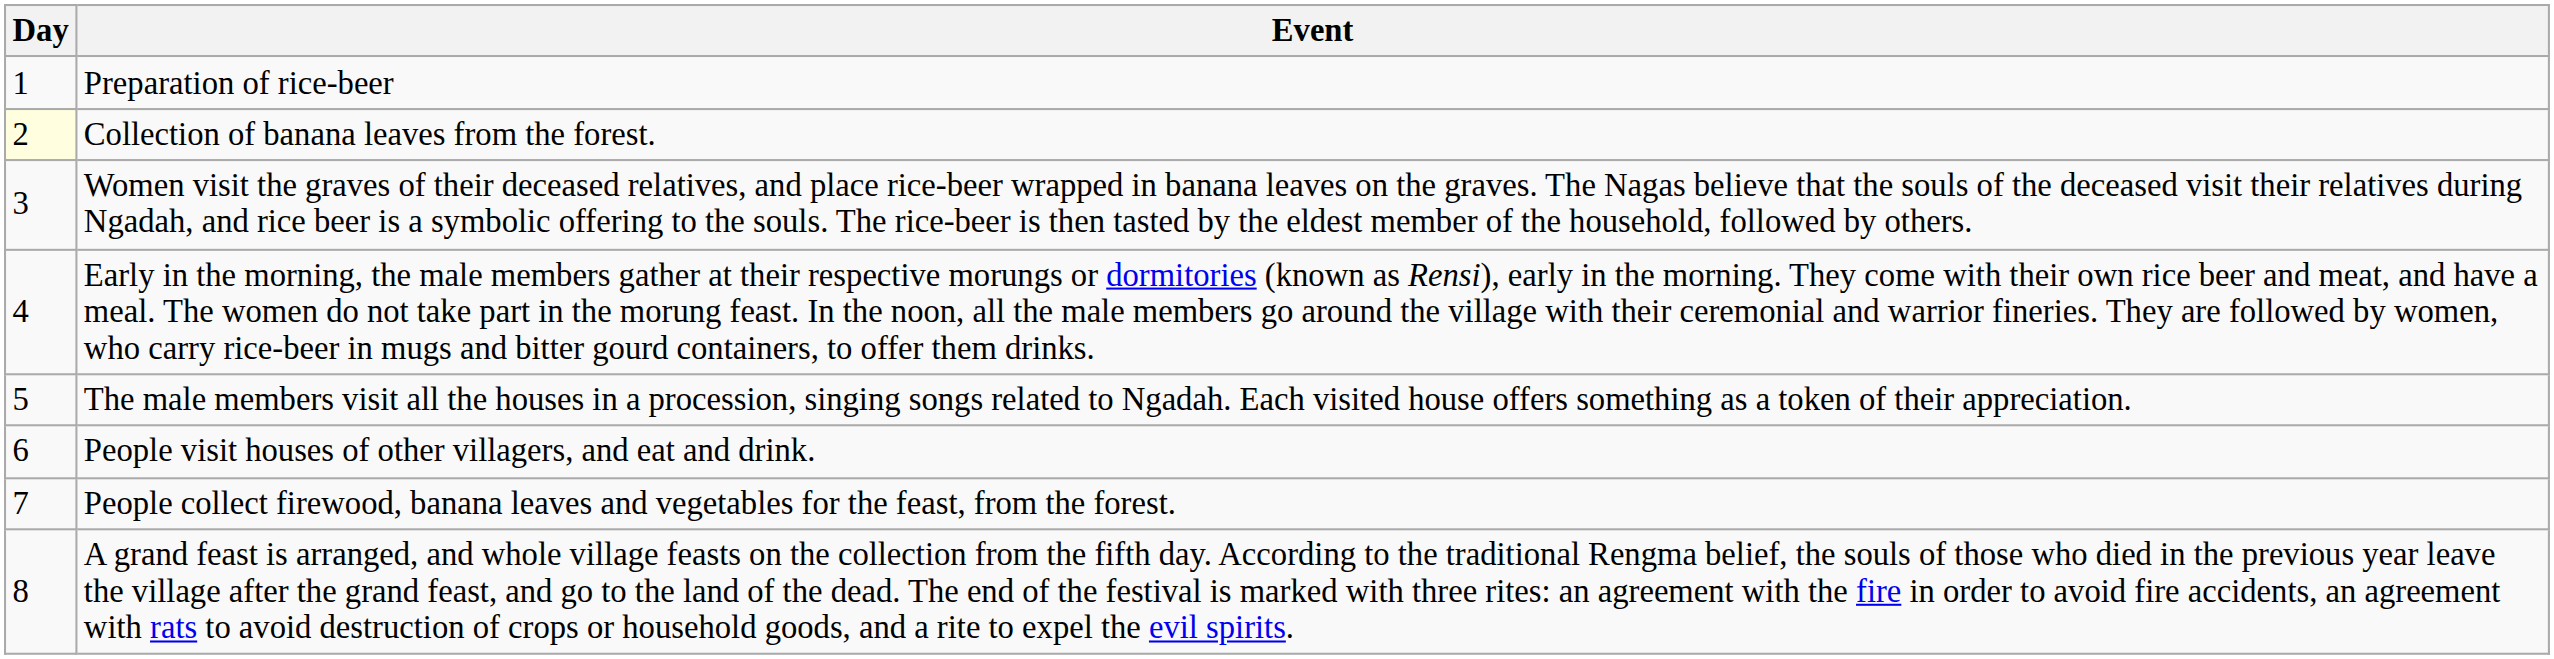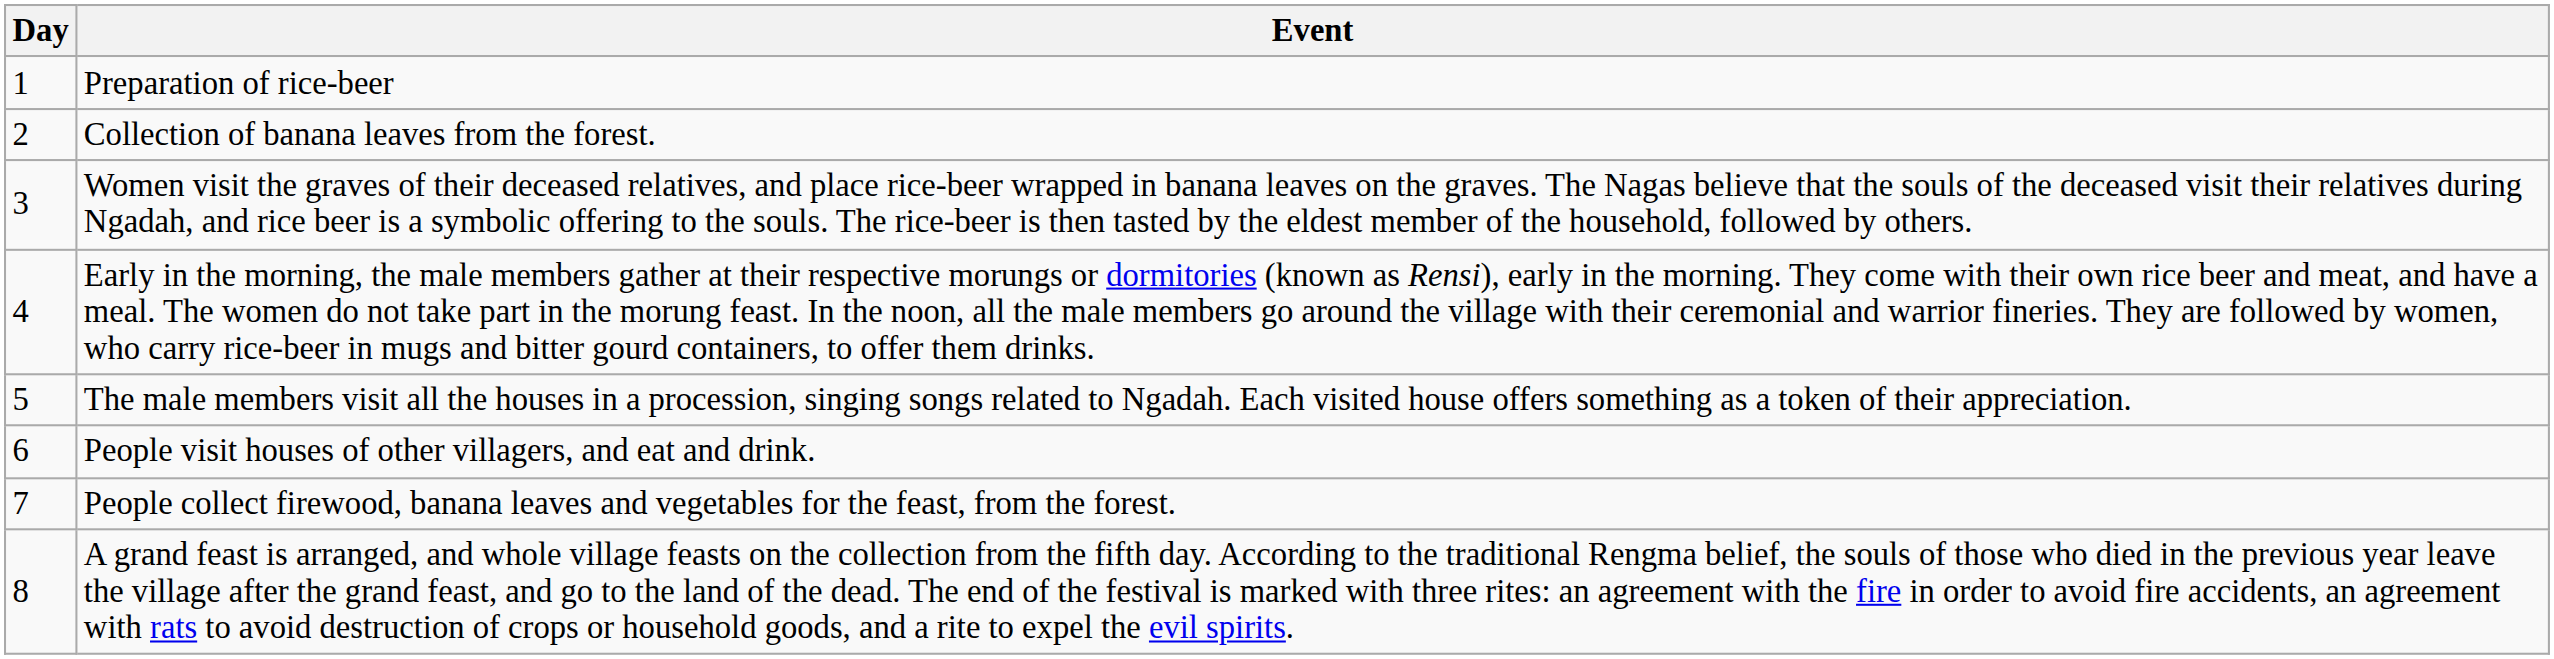 <table class="wikitable">
 <tr>
 <th>Day</th>
 <th>Event</th>
 </tr>
 <tr>
 <td>1</td>
 <td>Preparation of rice-beer</td>
 </tr>
 <tr>
-<td style="background: lightyellow;">2</td>
+<td>2</td>
 <td>Collection of banana leaves from the forest.</td>
 </tr>
 <tr>
 <td>3</td>
 <td>Women visit the graves of their deceased relatives, and place rice-beer wrapped in banana leaves on the graves. The Nagas believe that the souls of the deceased visit their relatives during Ngadah, and rice beer is a symbolic offering to the souls. The rice-beer is then tasted by the eldest member of the household, followed by others.</td>
 </tr>
 <tr>
 <td>4</td>
 <td>Early in the morning, the male members gather at their respective morungs or <a href='#'>dormitories</a> (known as <em>Rensi</em>), early in the morning. They come with their own rice beer and meat, and have a meal. The women do not take part in the morung feast. In the noon, all the male members go around the village with their ceremonial and warrior fineries. They are followed by women, who carry rice-beer in mugs and bitter gourd containers, to offer them drinks.</td>
 </tr>
 <tr>
 <td>5</td>
 <td>The male members visit all the houses in a procession, singing songs related to Ngadah. Each visited house offers something as a token of their appreciation.</td>
 </tr>
 <tr>
 <td>6</td>
 <td>People visit houses of other villagers, and eat and drink.</td>
 </tr>
 <tr>
 <td>7</td>
 <td>People collect firewood, banana leaves and vegetables for the feast, from the forest.</td>
 </tr>
 <tr>
 <td>8</td>
 <td>A grand feast is arranged, and whole village feasts on the collection from the fifth day. According to the traditional Rengma belief, the souls of those who died in the previous year leave the village after the grand feast, and go to the land of the dead. The end of the festival is marked with three rites: an agreement with the <a href='#'>fire</a> in order to avoid fire accidents, an agreement with <a href='#'>rats</a> to avoid destruction of crops or household goods, and a rite to expel the <a href='#'>evil spirits</a>.</td>
 </tr>
 </table>
